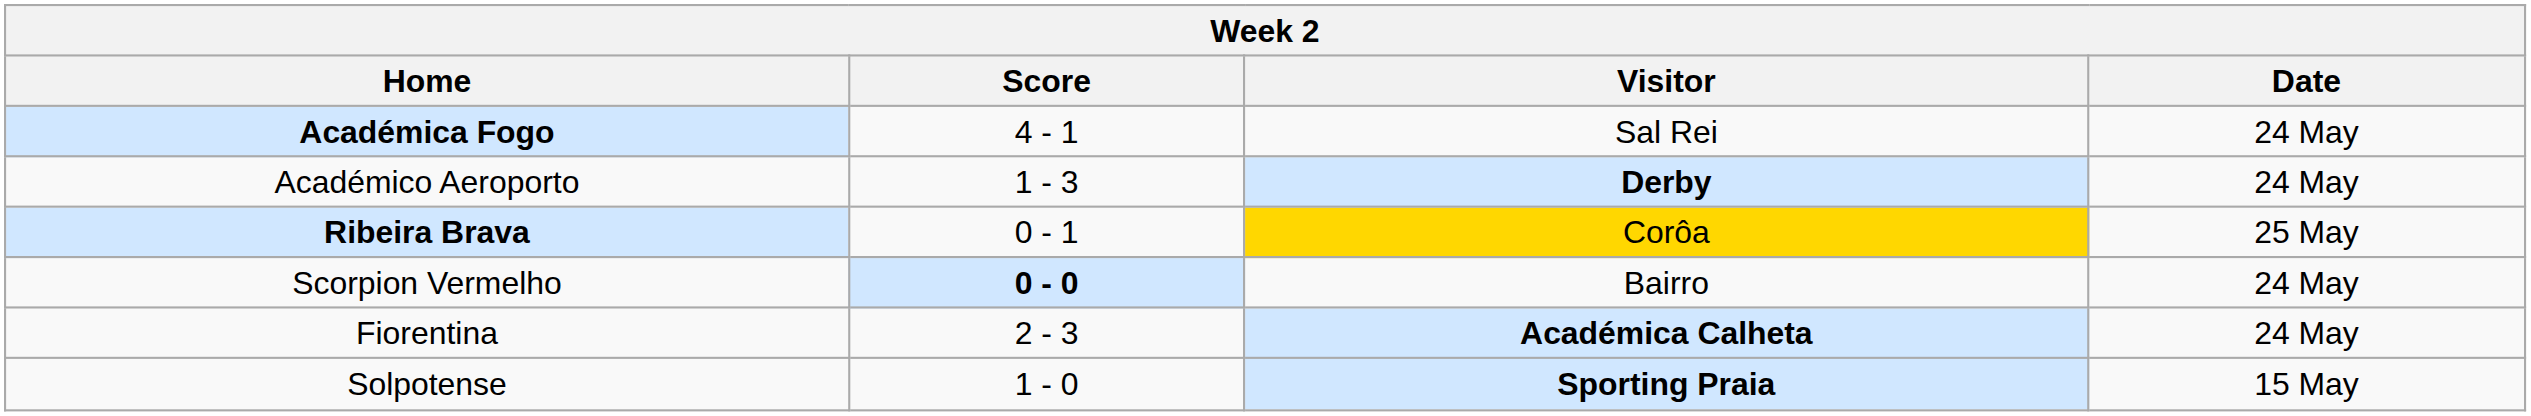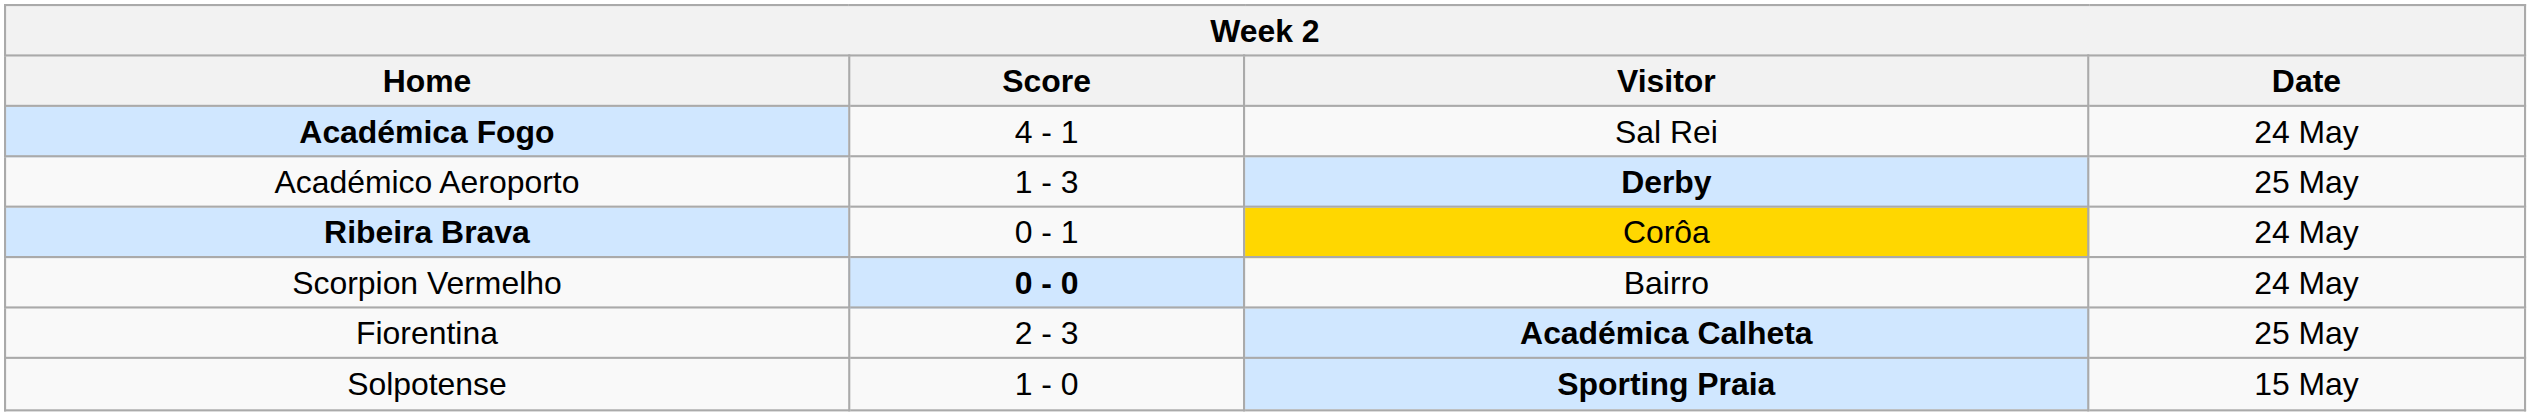 <table class="wikitable" style="font-size:95%; text-align: center; width: 95%;">
 <tr>
 <th colspan="12" style="with: 100%;" align=center>Week 2</th>
 </tr>
 <tr>
 <th width="200">Home</th>
 <th width="90">Score</th>
 <th width="200">Visitor</th>
 <th width="100">Date</th>
 </tr>
 <tr align=center>
 <td bgcolor=#D0E7FF><strong>Académica Fogo</strong></td>
 <td>4 - 1</td>
 <td>Sal Rei</td>
 <td>24 May</td>
 </tr>
 <tr align=center>
 <td>Académico Aeroporto</td>
 <td>1 - 3</td>
 <td bgcolor=#D0E7FF><strong>Derby</strong></td>
-<td>24 May</td>
+<td>25 May</td>
 </tr>
 <tr align=center>
 <td bgcolor=#D0E7FF><strong>Ribeira Brava</strong></td>
 <td>0 - 1</td>
 <td style="background: gold;">Corôa</td>
-<td>25 May</td>
+<td>24 May</td>
 </tr>
 <tr align=center>
 <td>Scorpion Vermelho</td>
 <td bgcolor=#D0E7FF><strong>0 - 0</strong></td>
 <td>Bairro</td>
 <td>24 May</td>
 </tr>
 <tr align=center>
 <td>Fiorentina</td>
 <td>2 - 3</td>
 <td bgcolor=#D0E7FF><strong>Académica Calheta</strong></td>
-<td>24 May</td>
+<td>25 May</td>
 </tr>
 <tr align=center>
 <td>Solpotense</td>
 <td>1 - 0</td>
 <td bgcolor=#D0E7FF><strong>Sporting Praia</strong></td>
 <td>15 May</td>
 </tr>
 </table>
